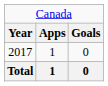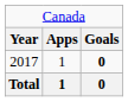 <table class="wikitable" style="text-align:center">
 <tr>
 <td colspan=3><a href='#'>Canada</a></td>
 </tr>
 <tr>
 <th>Year</th>
 <th>Apps</th>
 <th>Goals</th>
 </tr>
 <tr>
 <td>2017</td>
 <td>1</td>
-<td>0</td>
+<td><strong>0</strong></td>
 </tr>
 <tr>
 <th>Total</th>
 <th>1</th>
 <th>0</th>
 </tr>
 </table>
